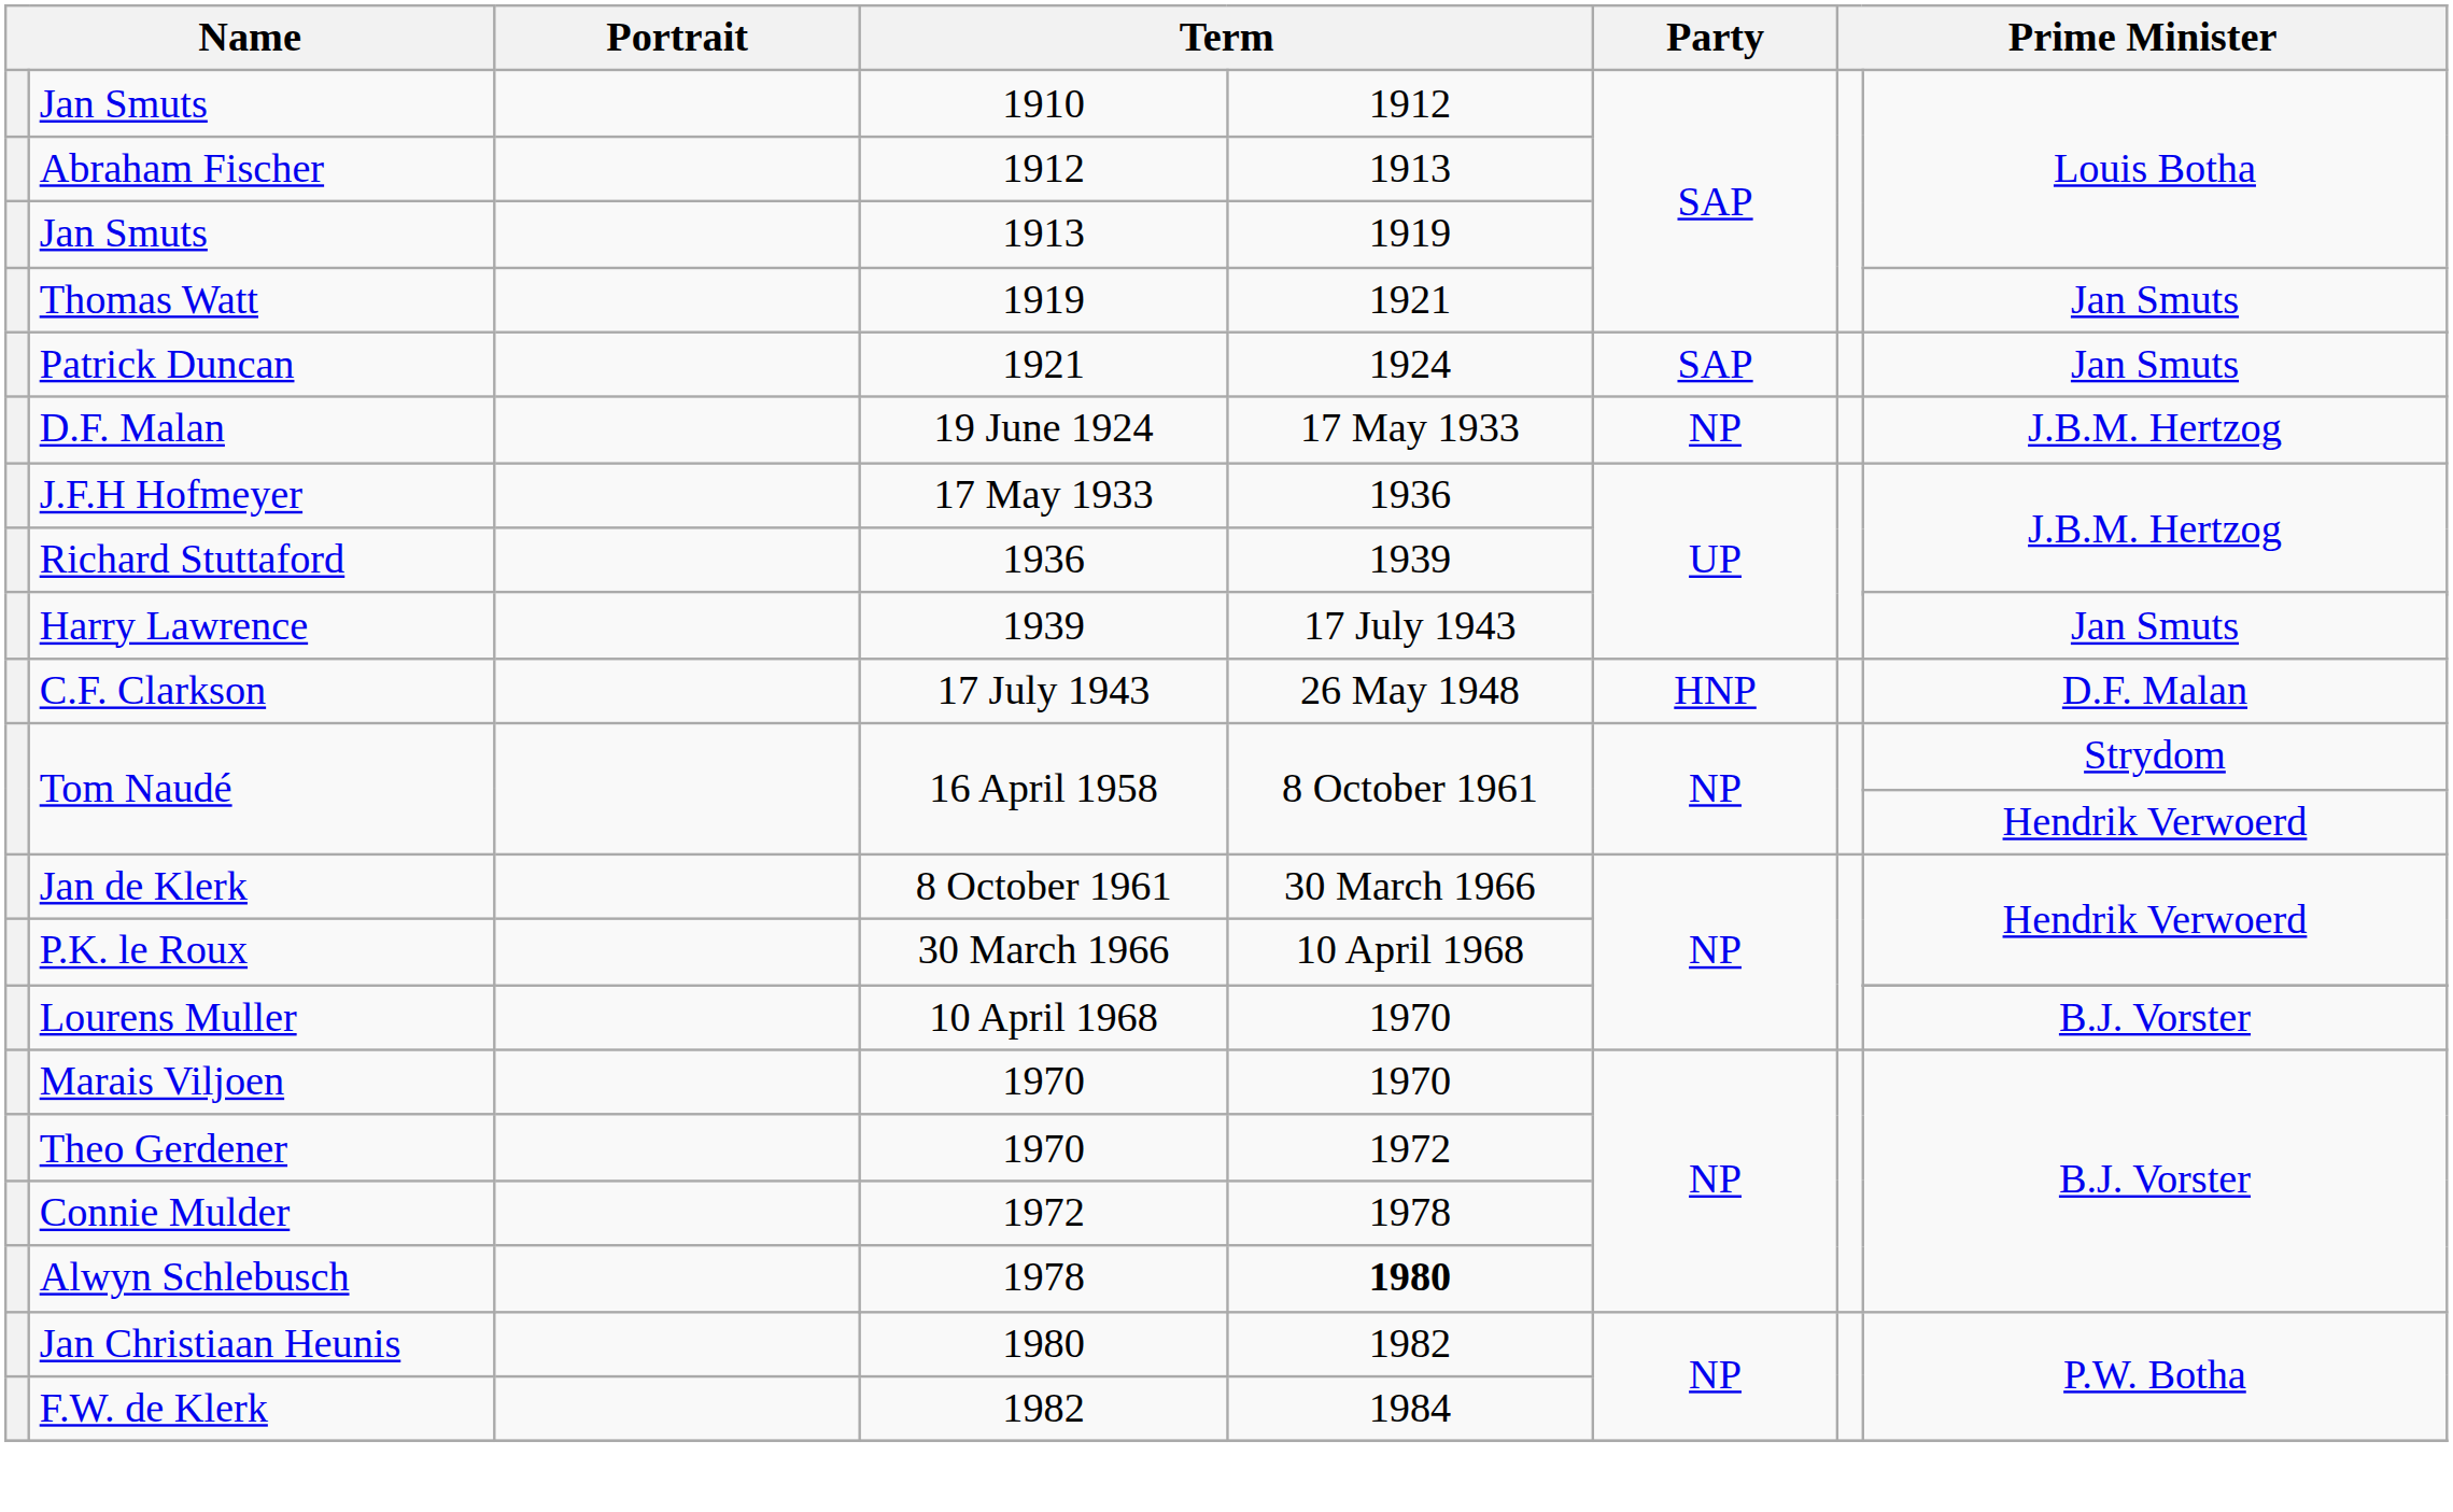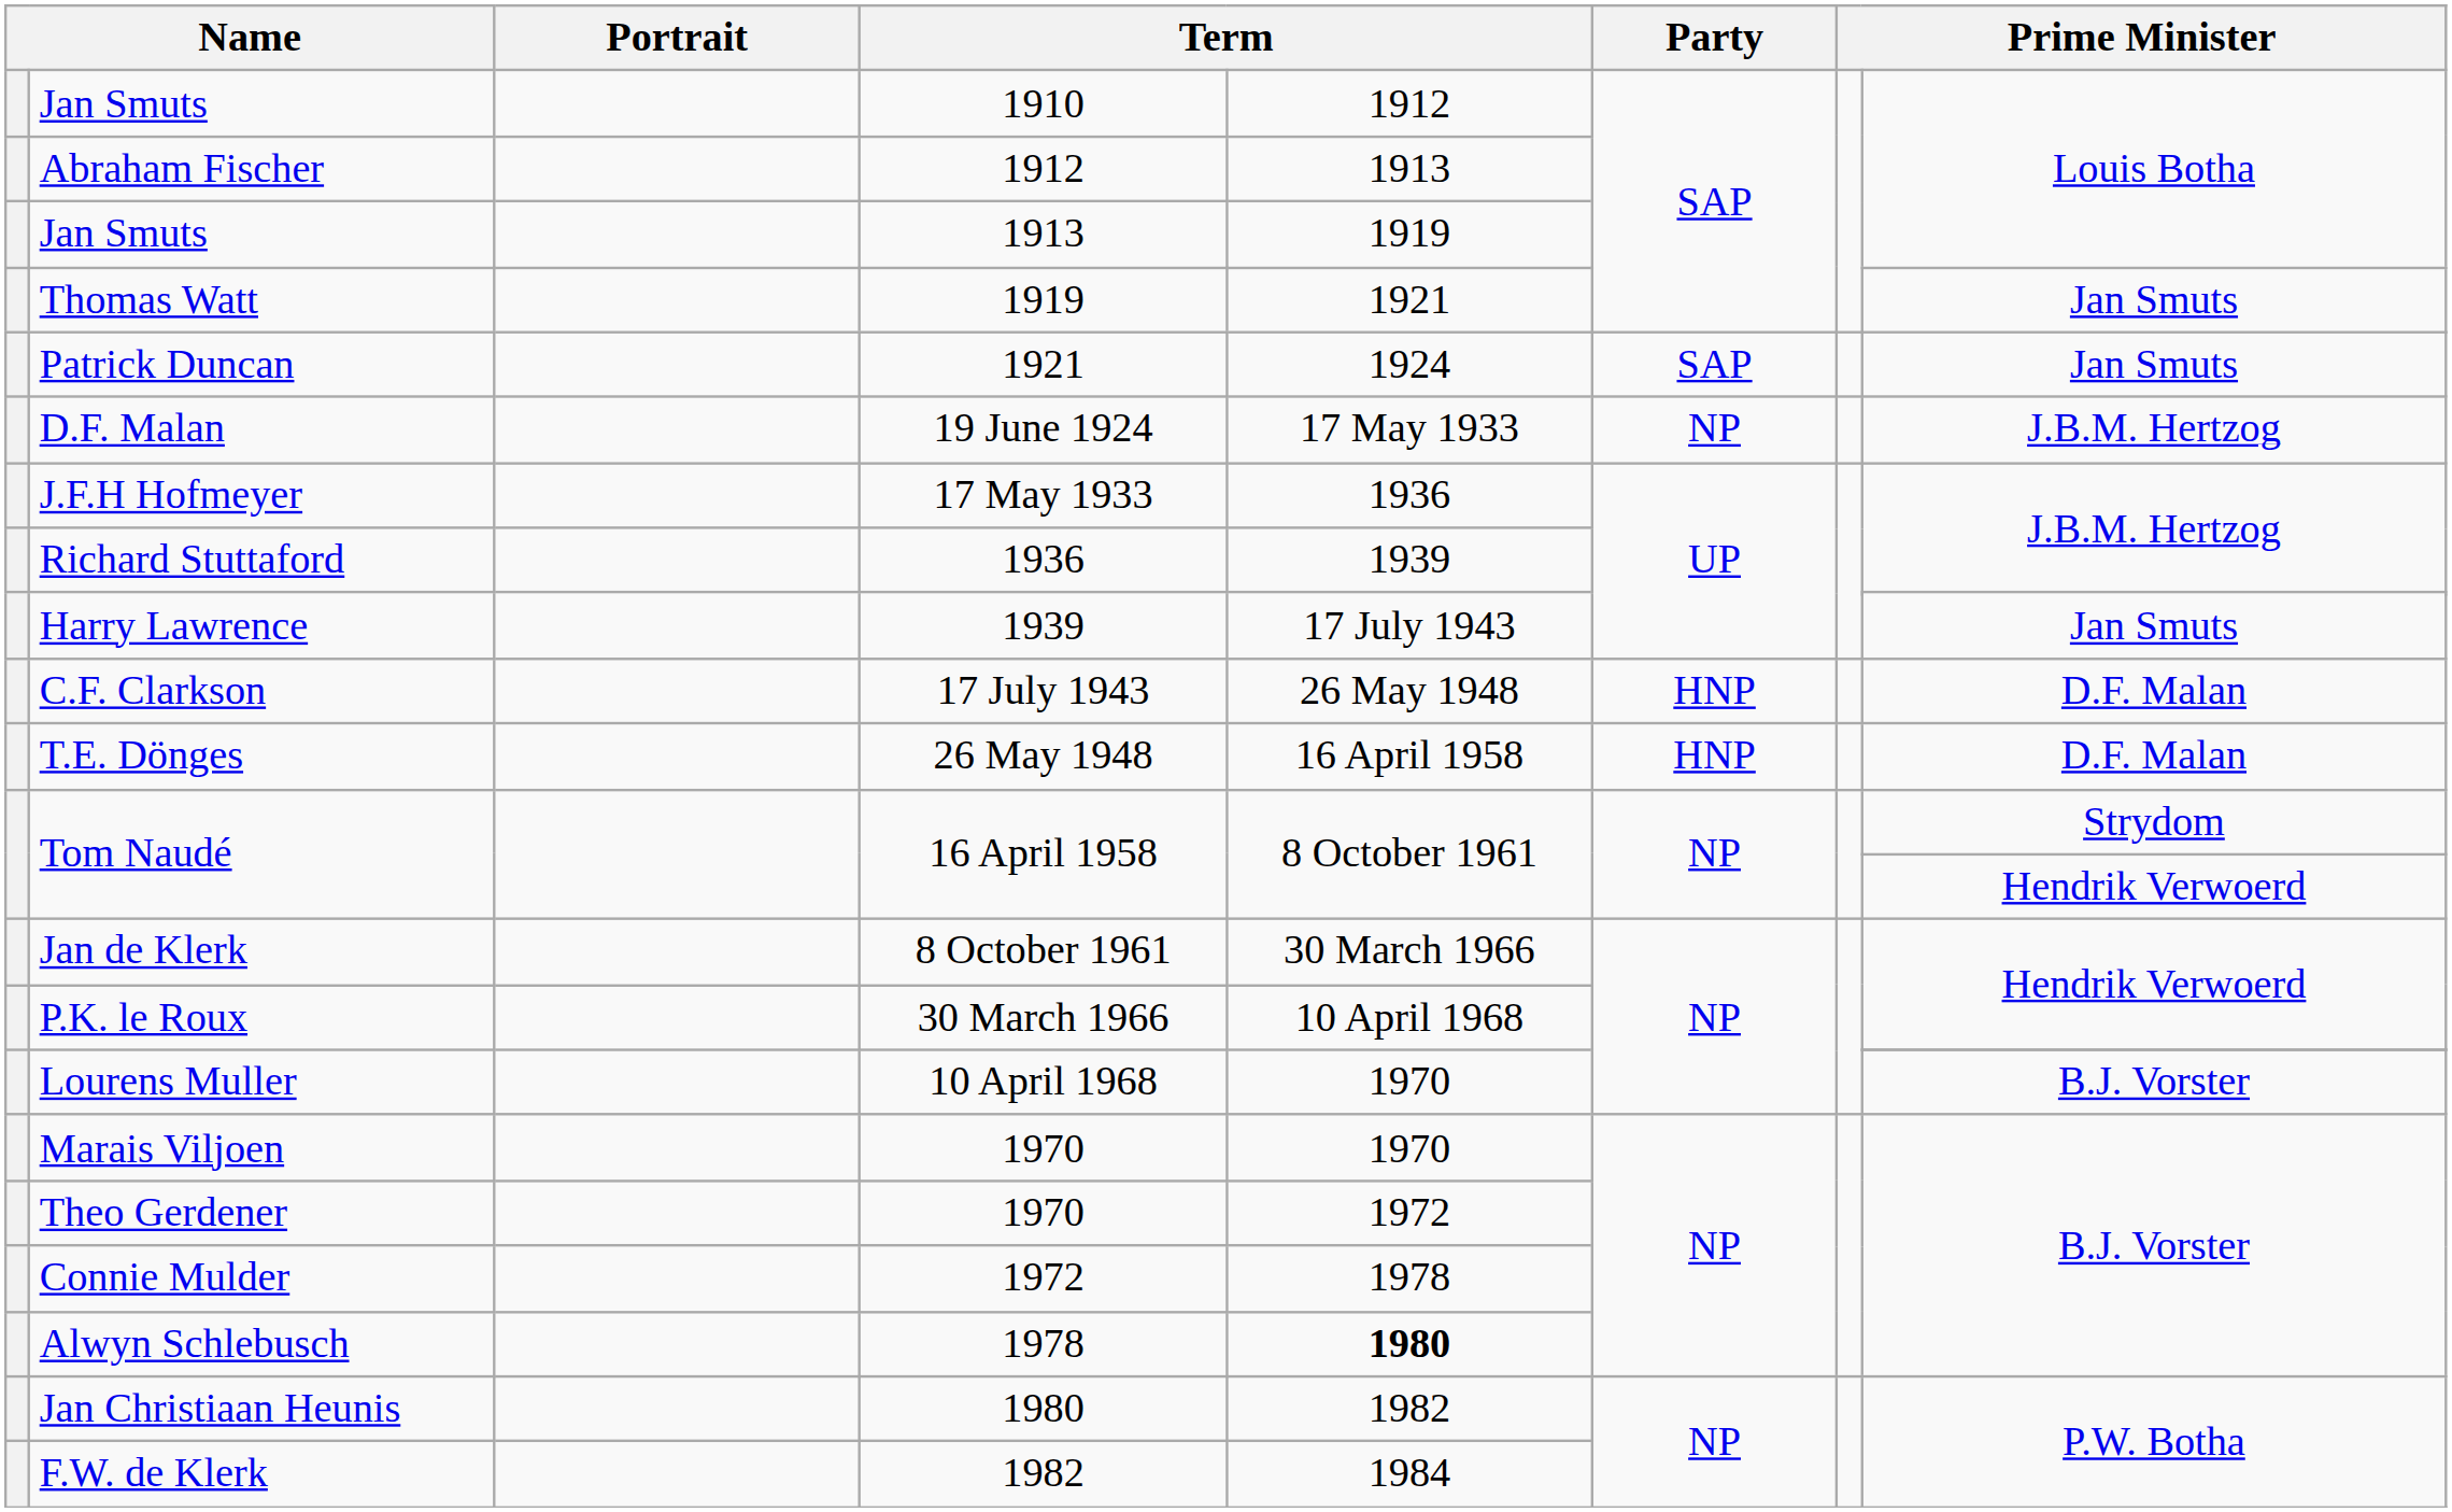 <table class="wikitable" width=60%>
 <tr>
 <th colspan=2 width=20%>Name</th>
 <th width=75>Portrait</th>
 <th colspan=2 width=30%>Term</th>
 <th width=10%>Party</th>
 <th colspan=2 width=25%>Prime Minister</th>
 </tr>
 <tr style="text-align:center">
 <th style="width:1%;background-color: "></th>
 <td align=left><a href='#'>Jan Smuts</a></td>
 <td></td>
 <td>1910</td>
 <td>1912</td>
 <td rowspan=5><a href='#'>SAP</a></td>
 <td rowspan=5 style="width:1%;background-color: "></td>
 <td rowspan=4><a href='#'>Louis Botha</a><br></td>
 </tr>
 <tr style="text-align:center">
 <th style="width:1%;background-color: "></th>
 <td align=left><a href='#'>Abraham Fischer</a></td>
 <td></td>
 <td>1912</td>
 <td>1913</td>
 </tr>
 <tr style="text-align:center">
 <th style="width:1%;background-color: "></th>
 <td align=left><a href='#'>Jan Smuts</a></td>
 <td></td>
 <td>1913</td>
 <td>1919</td>
 </tr>
 <tr style="text-align:center">
 <th rowspan=3 style="width:1%;background-color: "></th>
 <td rowspan=3 align=left><a href='#'>Thomas Watt</a></td>
 <td rowspan=3 align=center></td>
 <td rowspan=3>1919</td>
 <td rowspan=3>1921</td>
 </tr>
 <tr style="text-align:center">
 <td><a href='#'>Jan Smuts</a><br></td>
 </tr>
 <tr style="text-align:center">
 <td rowspan=2><a href='#'>SAP</a></td>
 <td rowspan=2 style="width:1%;background-color: "></td>
 <td rowspan=2><a href='#'>Jan Smuts</a> <br></td>
 </tr>
 <tr style="text-align:center">
 <th style="width:1%;background-color: "></th>
 <td align=left><a href='#'>Patrick Duncan</a></td>
 <td></td>
 <td>1921</td>
 <td>1924</td>
 </tr>
 <tr style="text-align:center">
 <th style="width:1%;background-color: "></th>
 <td align=left><a href='#'>D.F. Malan</a></td>
 <td></td>
 <td>19 June 1924</td>
 <td>17 May 1933</td>
 <td><a href='#'>NP</a></td>
 <td style="width:1%;background-color: "></td>
 <td><a href='#'>J.B.M. Hertzog</a><br> </td>
 </tr>
 <tr style="text-align:center">
 <th style="width:1%;background-color: "></th>
 <td align=left><a href='#'>J.F.H Hofmeyer</a></td>
 <td></td>
 <td>17 May 1933</td>
 <td>1936</td>
 <td rowspan=4><a href='#'>UP</a></td>
 <td rowspan=4 style="width:1%;background-color: "></td>
 <td rowspan=3><a href='#'>J.B.M. Hertzog</a><br> </td>
 </tr>
 <tr style="text-align:center">
 <th style="width:1%;background-color: "></th>
 <td align=left><a href='#'>Richard Stuttaford</a></td>
 <td></td>
 <td>1936</td>
 <td>1939</td>
 </tr>
 <tr style="text-align:center">
 <th rowspan=2 style="width:1%;background-color: "></th>
 <td rowspan=2 align=left><a href='#'>Harry Lawrence</a></td>
 <td rowspan=2></td>
 <td rowspan=2>1939</td>
 <td rowspan=2>17 July 1943</td>
 </tr>
 <tr style="text-align:center">
 <td><a href='#'>Jan Smuts</a><br></td>
 </tr>
 <tr style="text-align:center">
 <th style="width:1%;background-color: "></th>
 <td align=left><a href='#'>C.F. Clarkson</a></td>
 <td align=center></td>
 <td>17 July 1943</td>
 <td>26 May 1948</td>
 <td><a href='#'>HNP</a></td>
 <td style="width:1%;background-color: "></td>
 <td><a href='#'>D.F. Malan</a><br> </td>
 </tr>
 <tr style="text-align:center">
+<th style="width:1%;background-color: "></th>
+<td align=left><a href='#'>T.E. Dönges</a></td>
+<td></td>
+<td>26 May 1948</td>
+<td>16 April 1958</td>
+<td><a href='#'>HNP</a></td>
+<td style="width:1%;background-color: "></td>
+<td><a href='#'>D.F. Malan</a><br> </td>
+</tr>
+<tr style="text-align:center">
 <th rowspan=2 style="width:1%;background-color: "></th>
 <td rowspan=2 align=left><a href='#'>Tom Naudé</a></td>
 <td rowspan=2></td>
 <td rowspan=2>16 April 1958</td>
 <td rowspan=2>8 October 1961</td>
 <td rowspan=2><a href='#'>NP</a></td>
 <td rowspan=2 style="width:1%;background-color: "></td>
 <td><a href='#'>Strydom</a><br> </td>
 </tr>
 <tr style="text-align:center">
 <td><a href='#'>Hendrik Verwoerd</a><br> </td>
 </tr>
 <tr style="text-align:center">
 <th style="width:1%;background-color: "></th>
 <td align=left><a href='#'>Jan de Klerk</a></td>
 <td></td>
 <td>8 October 1961</td>
 <td>30 March 1966</td>
 <td rowspan=4><a href='#'>NP</a></td>
 <td rowspan=4 style="width:1%;background-color: "></td>
 <td rowspan=2><a href='#'>Hendrik Verwoerd</a><br> </td>
 </tr>
 <tr style="text-align:center">
 <th style="width:1%;background-color: "></th>
 <td align=left><a href='#'>P.K. le Roux</a></td>
 <td></td>
 <td>30 March 1966</td>
 <td>10 April 1968</td>
 </tr>
 <tr style="text-align:center">
 <th rowspan=2 style="width:1%;background-color: "></th>
 <td rowspan=2 align=left><a href='#'>Lourens Muller</a></td>
 <td rowspan=2></td>
 <td rowspan=2>10 April 1968</td>
 <td rowspan=2>1970</td>
 </tr>
 <tr style="text-align:center">
 <td><a href='#'>B.J. Vorster</a><br> </td>
 </tr>
 <tr style="text-align:center">
 <th style="width:1%;background-color: "></th>
 <td align=left><a href='#'>Marais Viljoen</a></td>
 <td></td>
 <td>1970</td>
 <td>1970</td>
 <td rowspan=5><a href='#'>NP</a></td>
 <td rowspan=5 style="width:1%;background-color: "></td>
 <td rowspan=5><a href='#'>B.J. Vorster</a><br> </td>
 </tr>
 <tr style="text-align:center">
 <th style="width:1%;background-color: "></th>
 <td align=left><a href='#'>Theo Gerdener</a></td>
 <td></td>
 <td>1970</td>
 <td>1972</td>
 </tr>
 <tr style="text-align:center">
 <th style="width:1%;background-color: "></th>
 <td align=left><a href='#'>Connie Mulder</a></td>
 <td></td>
 <td>1972</td>
 <td>1978</td>
 </tr>
 <tr style="text-align:center">
 <th style="width:1%;background-color: "></th>
 <td align=left><a href='#'>Alwyn Schlebusch</a></td>
 <td></td>
 <td>1978</td>
 <td><strong>1980</strong></td>
 </tr>
 <tr style="text-align:center">
 <th rowspan=2 style="width:1%;background-color: "></th>
 <td rowspan=2 align=left><a href='#'>Jan Christiaan Heunis</a></td>
 <td rowspan=2></td>
 <td rowspan=2>1980</td>
 <td rowspan=2>1982</td>
 </tr>
 <tr style="text-align:center">
 <td rowspan=2><a href='#'>NP</a></td>
 <td rowspan=2 style="width:1%;background-color: "></td>
 <td rowspan=2><a href='#'>P.W. Botha</a><br> </td>
 </tr>
 <tr style="text-align:center">
 <th style="width:1%;background-color: "></th>
 <td align=left><a href='#'>F.W. de Klerk</a></td>
 <td></td>
 <td>1982</td>
 <td>1984</td>
 </tr>
 <tr>
 </tr>
 </table>
